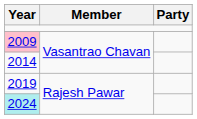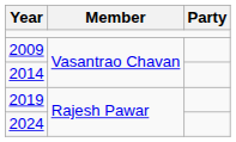 <table class="wikitable">
 <tr>
 <th>Year</th>
 <th>Member</th>
 <th colspan=2>Party</th>
 </tr>
 <tr>
 <td colspan="4"></td>
 </tr>
 <tr>
-<td style="background: pink;"><a href='#'>2009</a></td>
+<td><a href='#'>2009</a></td>
 <td rowspan="2"><a href='#'>Vasantrao Chavan</a></td>
 <td></td>
 </tr>
 <tr>
 <td><a href='#'>2014</a></td>
 <td></td>
 </tr>
 <tr>
 <td><a href='#'>2019</a></td>
 <td Rowspan=2><a href='#'>Rajesh Pawar</a></td>
 <td></td>
 </tr>
 <tr>
-<td style="background: paleturquoise;"><a href='#'>2024</a></td>
+<td><a href='#'>2024</a></td>
 </tr>
 </table>
